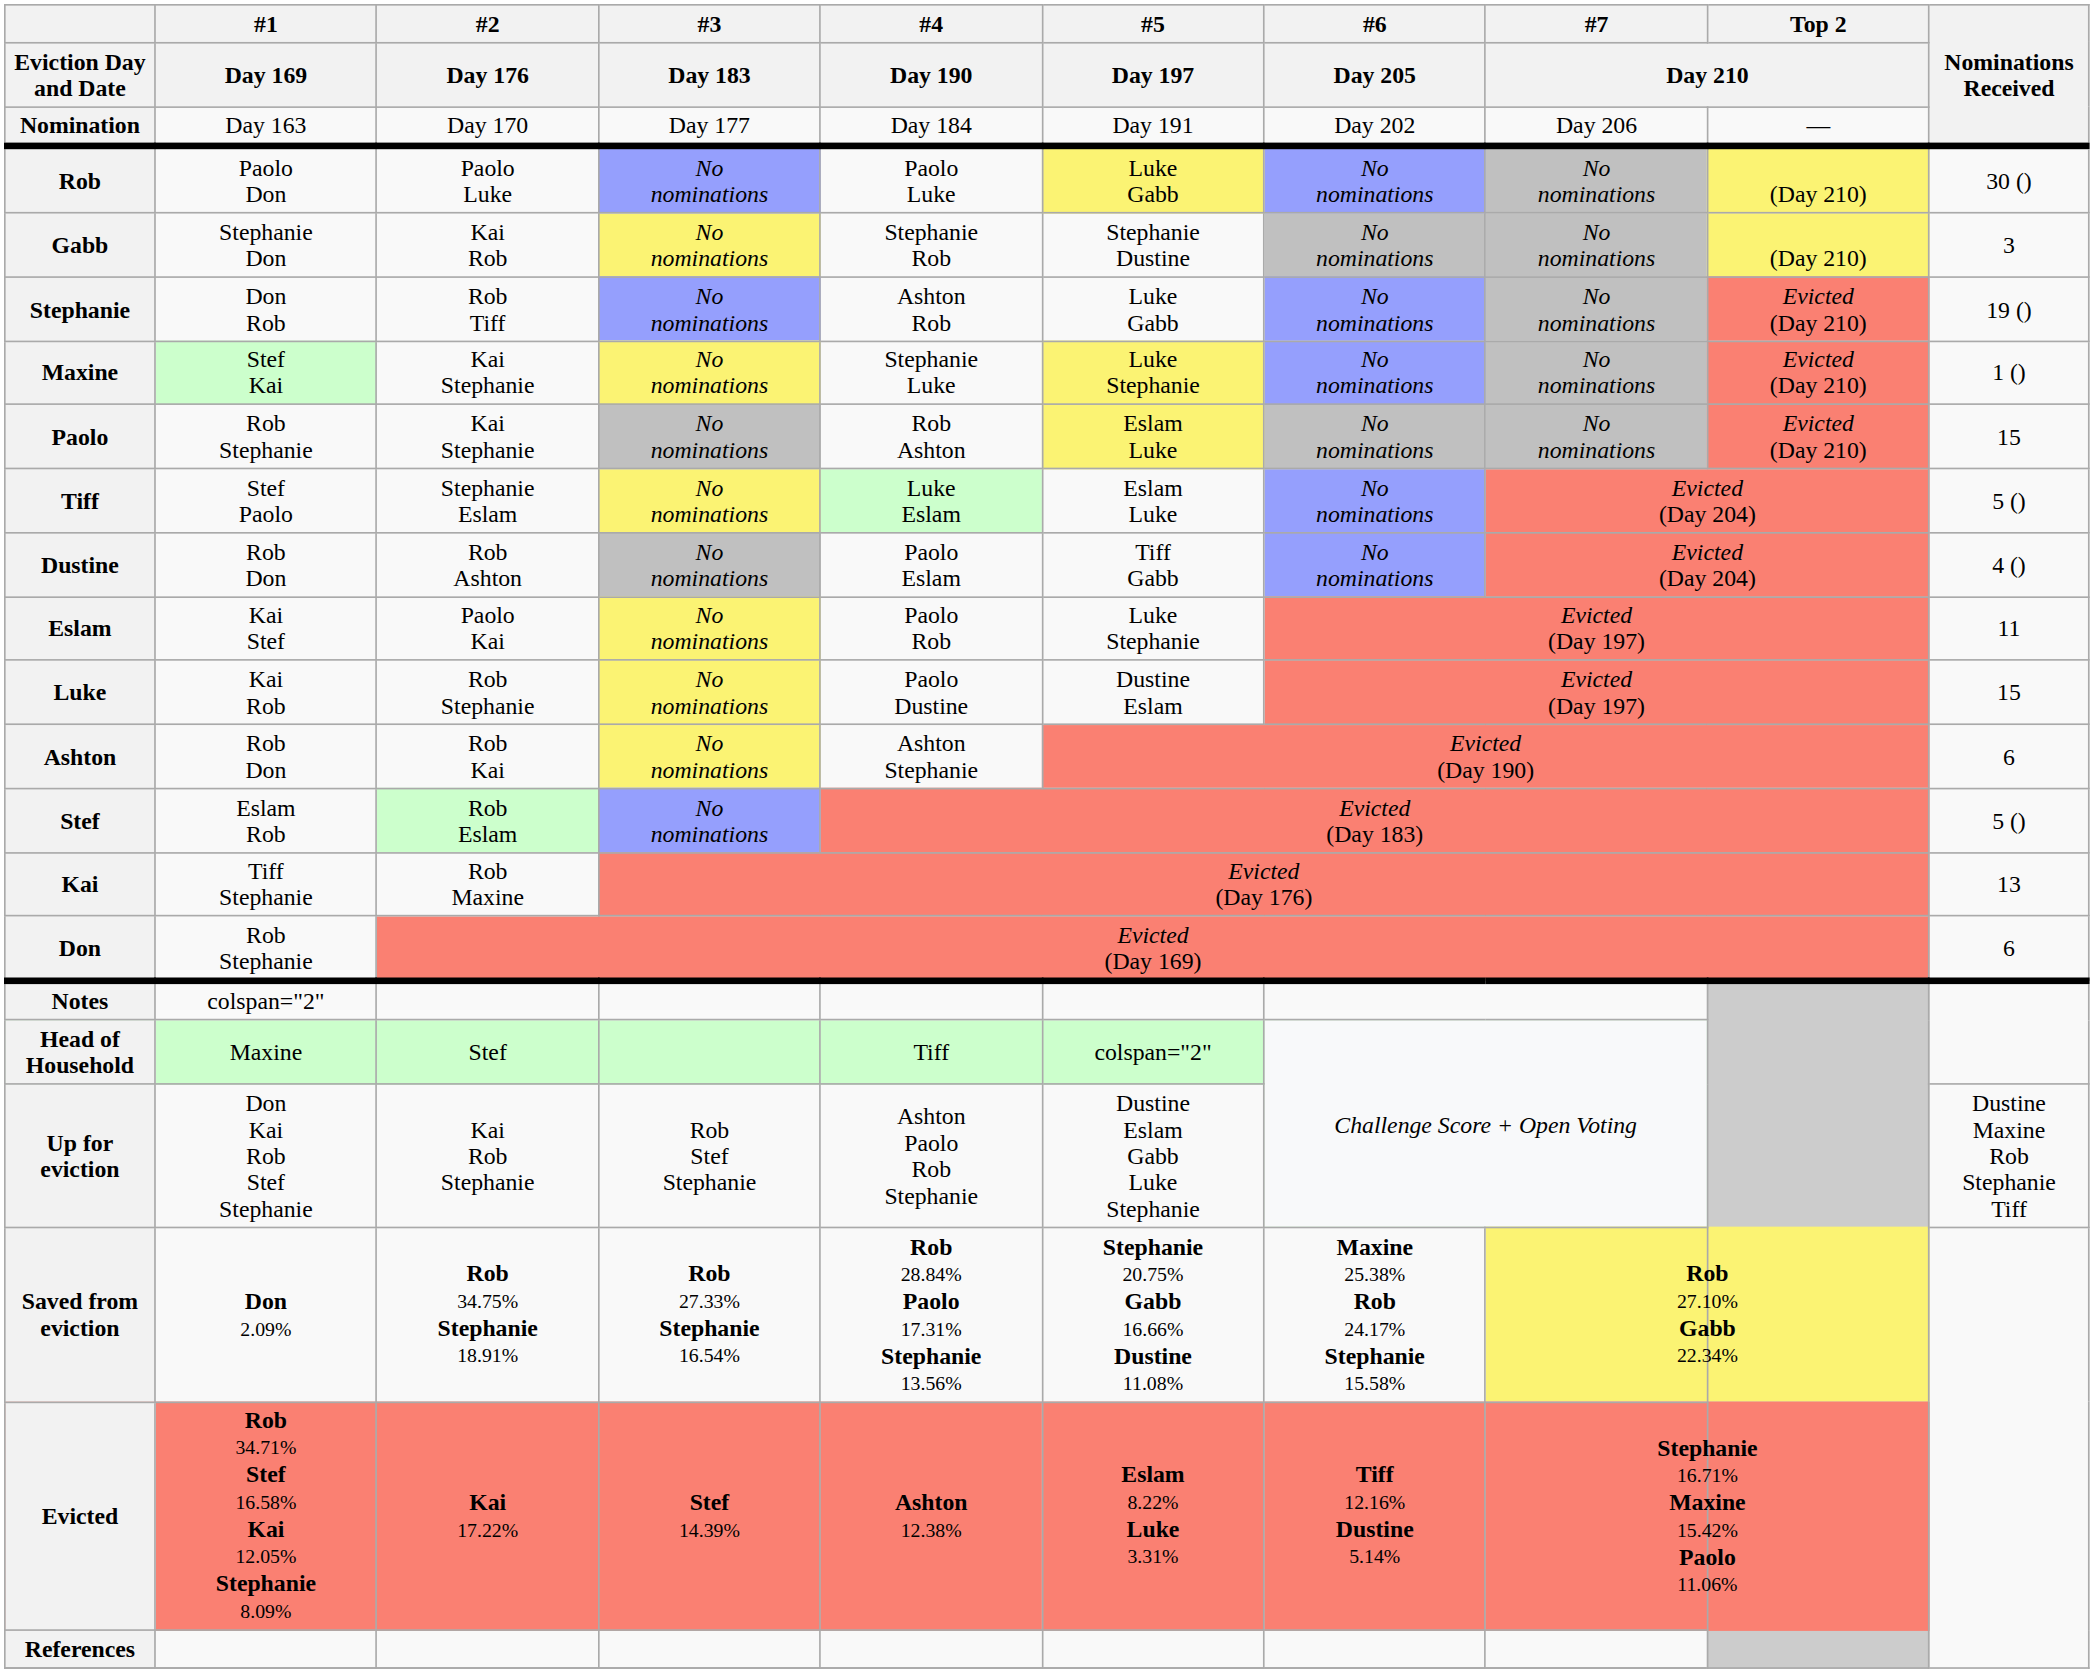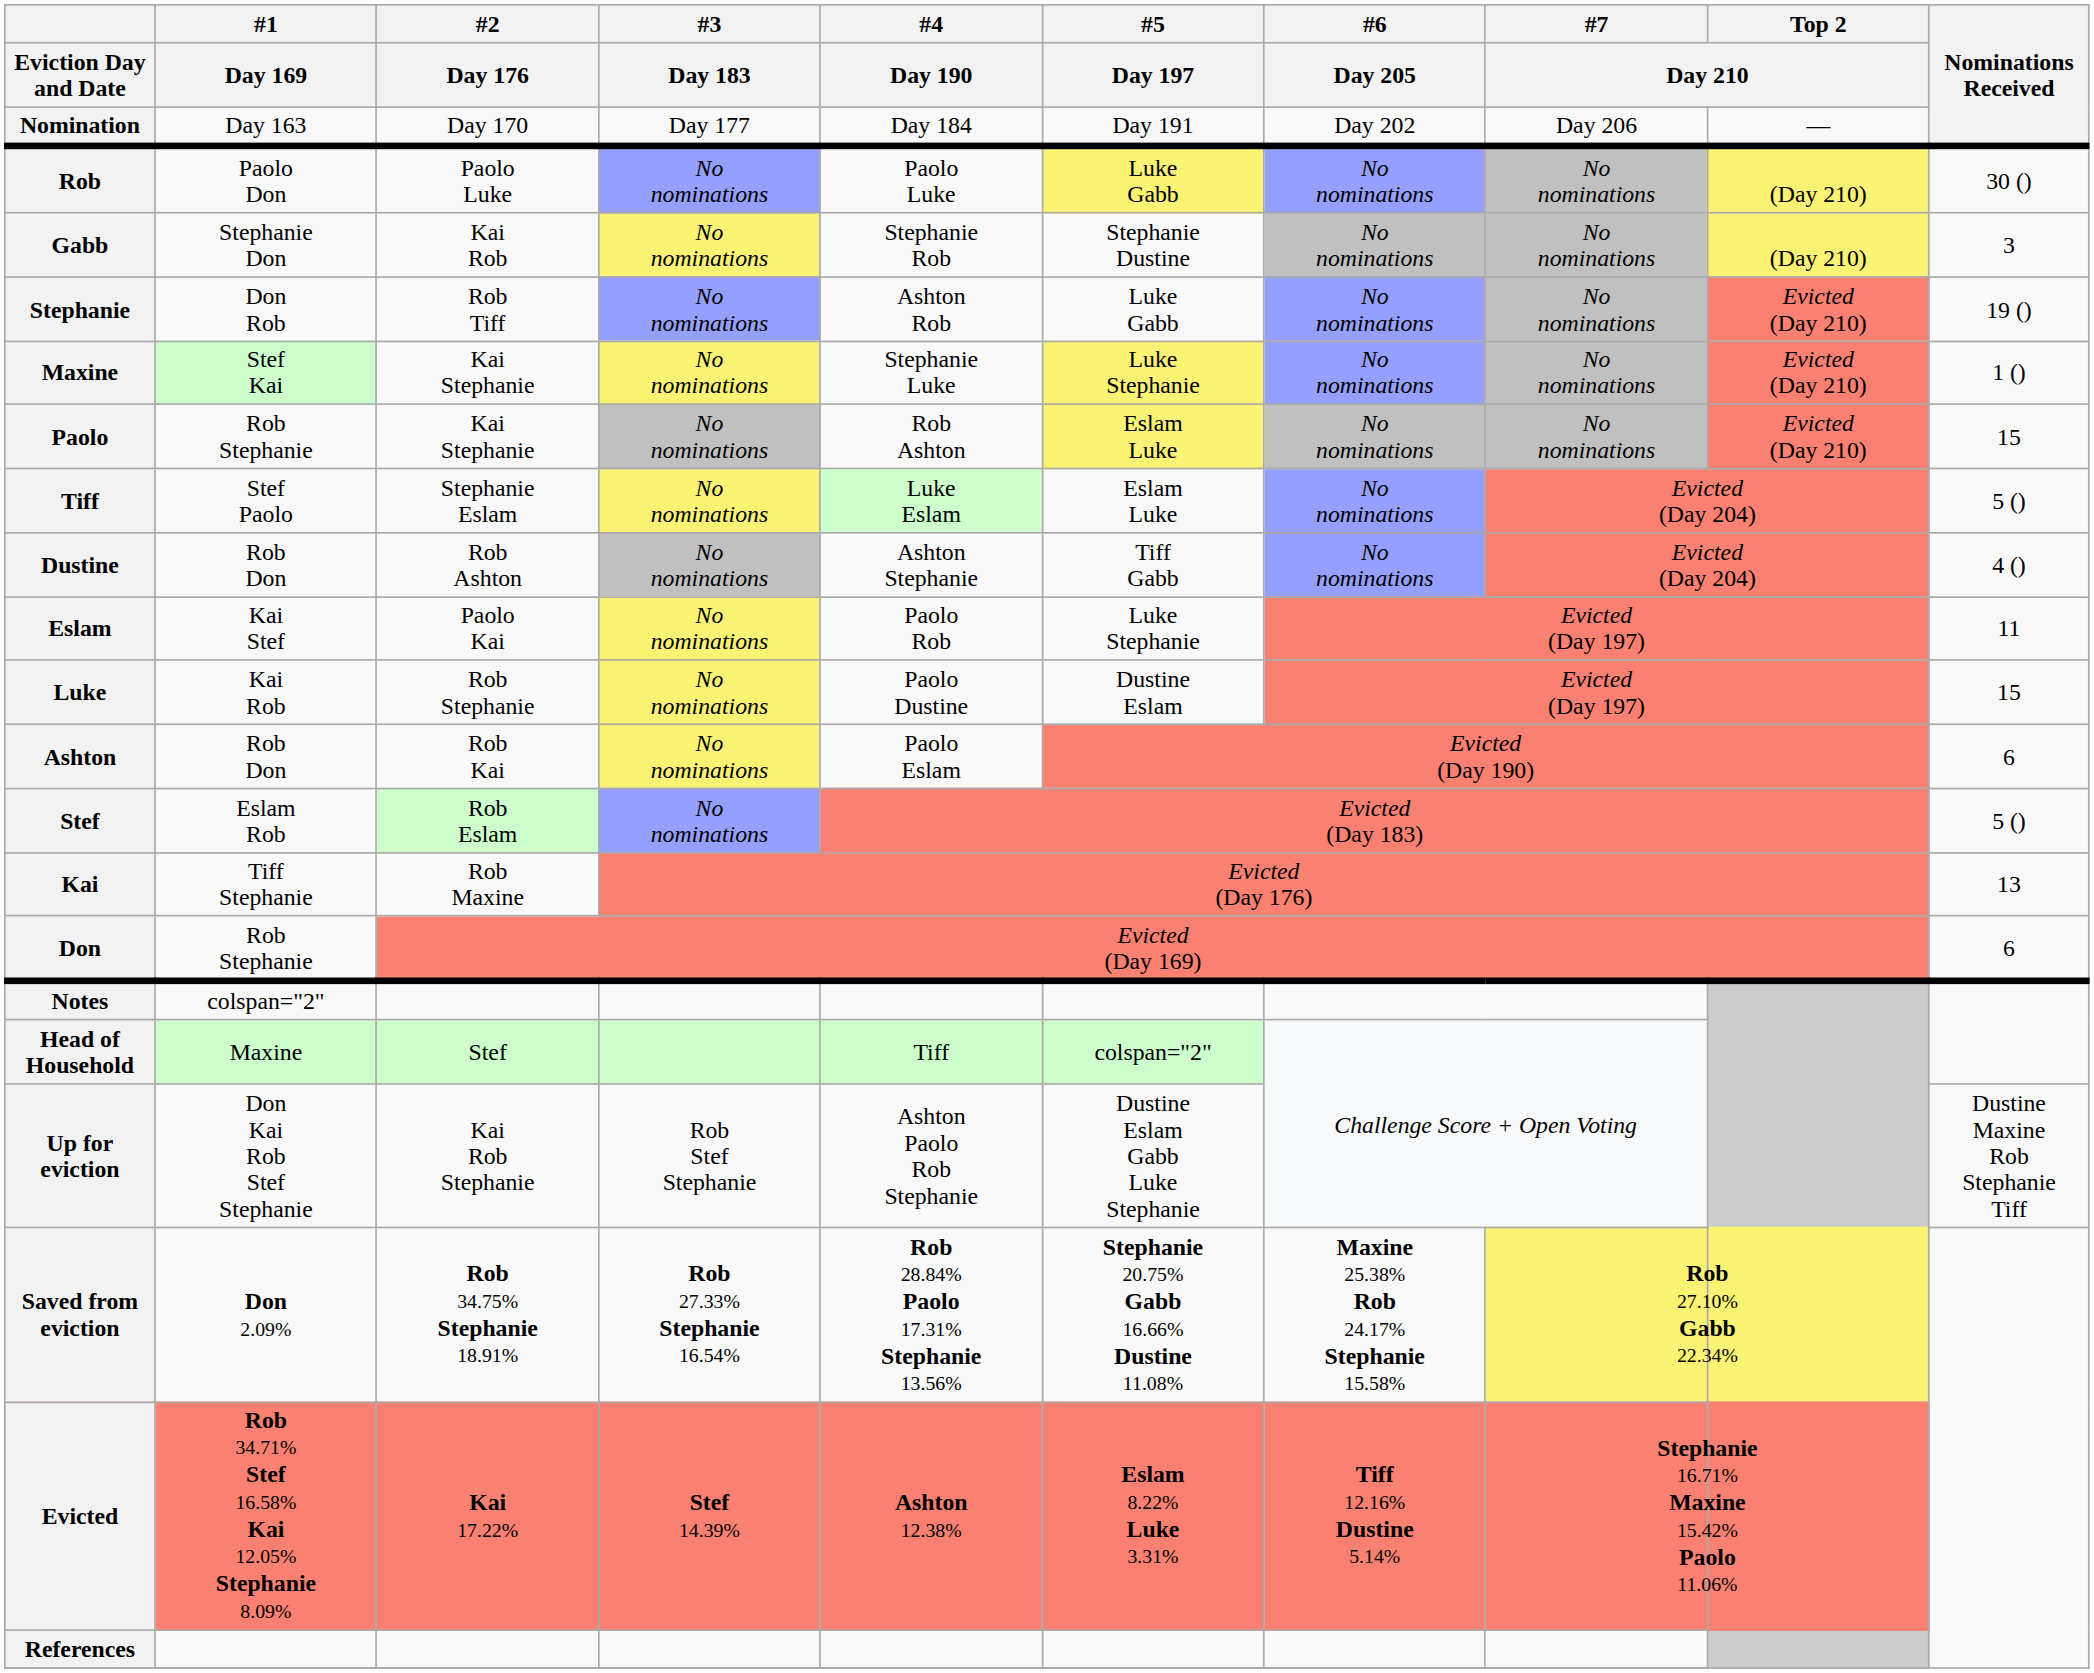 <table class="wikitable" style="width:100%; text-align:center; font-size:90%; line-height:16px;">
 <tr>
 <th width="5%"></th>
 <th width="9%">#1</th>
 <th width="9%">#2</th>
 <th width="9%">#3</th>
 <th width="9%">#4</th>
 <th width="9%">#5</th>
 <th width="9%">#6</th>
 <th width="9%">#7</th>
 <th width="9%">Top 2</th>
 <th width="5%" rowspan="3">Nominations<br>Received</th>
 </tr>
 <tr>
 <th>Eviction Day<br>and Date</th>
 <th>Day 169<br><small></small></th>
 <th>Day 176<br><small></small></th>
 <th>Day 183<br><small></small></th>
 <th>Day 190<br><small></small></th>
 <th>Day 197<br><small></small></th>
 <th>Day 205<br><small></small></th>
 <th colspan="2">Day 210<br><small></small></th>
 </tr>
 <tr>
 <th>Nomination<br></th>
 <td>Day 163<br><small></small></td>
 <td>Day 170<br><small></small></td>
 <td>Day 177<br><small></small></td>
 <td>Day 184<br><small></small></td>
 <td>Day 191<br><small></small></td>
 <td>Day 202<br><small></small></td>
 <td>Day 206<br><small></small></td>
 <td>—</td>
 </tr>
 <tr style="border-top: 4px solid;">
 <th>Rob</th>
 <td>Paolo<br>Don</td>
 <td>Paolo<br>Luke</td>
 <td style="background:#959FFD;"><em>No<br>nominations</em></td>
 <td>Paolo<br>Luke</td>
 <td style="background:#FBF373">Luke<br>Gabb</td>
 <td style="background:#959FFD;"><em>No<br>nominations</em></td>
 <td style="background:#C0C0C0;"><em>No<br>nominations</em></td>
 <td style="background:#FBF373"><strong></strong><br>(Day 210)</td>
 <td>30 ()</td>
 </tr>
 <tr>
 <th>Gabb</th>
 <td>Stephanie<br>Don</td>
 <td>Kai<br>Rob</td>
 <td style="background:#FBF373"><em>No<br>nominations</em></td>
 <td>Stephanie<br>Rob</td>
 <td>Stephanie<br>Dustine</td>
 <td style="background:#C0C0C0;"><em>No<br>nominations</em></td>
 <td style="background:#C0C0C0;"><em>No<br>nominations</em></td>
 <td style="background:#FBF373"><strong></strong><br>(Day 210)</td>
 <td>3</td>
 </tr>
 <tr>
 <th>Stephanie</th>
 <td>Don<br>Rob</td>
 <td>Rob<br>Tiff</td>
 <td style="background:#959FFD;"><em>No<br>nominations</em></td>
 <td>Ashton<br>Rob</td>
 <td>Luke<br>Gabb</td>
 <td style="background:#959FFD;"><em>No<br>nominations</em></td>
 <td style="background:#C0C0C0;"><em>No<br>nominations</em></td>
 <td style="background:#FA8072"><em>Evicted</em><br>(Day 210)</td>
 <td>19 ()</td>
 </tr>
 <tr>
 <th>Maxine</th>
 <td style="background:#CCFFCC;">Stef<br>Kai</td>
 <td>Kai<br>Stephanie</td>
 <td style="background:#FBF373"><em>No<br>nominations</em></td>
 <td>Stephanie<br>Luke</td>
 <td style="background:#FBF373">Luke<br>Stephanie</td>
 <td style="background:#959FFD;"><em>No<br>nominations</em></td>
 <td style="background:#C0C0C0;"><em>No<br>nominations</em></td>
 <td style="background:#FA8072"><em>Evicted</em><br>(Day 210)</td>
 <td>1 ()</td>
 </tr>
 <tr>
 <th>Paolo</th>
 <td>Rob<br>Stephanie</td>
 <td>Kai<br>Stephanie</td>
 <td style="background:#C0C0C0;"><em>No<br>nominations</em></td>
 <td>Rob<br>Ashton</td>
 <td style="background:#FBF373">Eslam<br>Luke</td>
 <td style="background:#C0C0C0;"><em>No<br>nominations</em></td>
 <td style="background:#C0C0C0;"><em>No<br>nominations</em></td>
 <td style="background:#FA8072"><em>Evicted</em><br>(Day 210)</td>
 <td>15</td>
 </tr>
 <tr>
 <th>Tiff</th>
 <td>Stef<br>Paolo</td>
 <td>Stephanie<br>Eslam</td>
 <td style="background:#FBF373"><em>No<br>nominations</em></td>
 <td style="background:#CCFFCC;">Luke<br>Eslam</td>
 <td>Eslam<br>Luke</td>
 <td style="background:#959FFD;"><em>No<br>nominations</em></td>
 <td colspan="2" style="background:#FA8072"><em>Evicted</em><br>(Day 204)</td>
 <td>5 ()</td>
 </tr>
 <tr>
 <th>Dustine</th>
 <td>Rob<br>Don</td>
 <td>Rob<br>Ashton</td>
 <td style="background:#C0C0C0;"><em>No<br>nominations</em></td>
-<td>Paolo<br>Eslam</td>
+<td>Ashton<br>Stephanie</td>
 <td>Tiff<br>Gabb</td>
 <td style="background:#959FFD;"><em>No<br>nominations</em></td>
 <td colspan="2" style="background:#FA8072"><em>Evicted</em><br>(Day 204)</td>
 <td>4 ()</td>
 </tr>
 <tr>
 <th>Eslam</th>
 <td>Kai<br>Stef</td>
 <td>Paolo<br>Kai</td>
 <td style="background:#FBF373"><em>No<br>nominations</em></td>
 <td>Paolo<br>Rob</td>
 <td>Luke<br>Stephanie</td>
 <td colspan="3" style="background:#FA8072"><em>Evicted</em><br>(Day 197)</td>
 <td>11</td>
 </tr>
 <tr>
 <th>Luke</th>
 <td>Kai<br>Rob</td>
 <td>Rob<br>Stephanie</td>
 <td style="background:#FBF373"><em>No<br>nominations</em></td>
 <td>Paolo<br>Dustine</td>
 <td>Dustine<br>Eslam</td>
 <td colspan="3" style="background:#FA8072"><em>Evicted</em><br>(Day 197)</td>
 <td>15</td>
 </tr>
 <tr>
 <th>Ashton</th>
 <td>Rob<br>Don</td>
 <td>Rob<br>Kai</td>
 <td style="background:#FBF373"><em>No<br>nominations</em></td>
-<td>Ashton<br>Stephanie</td>
+<td>Paolo<br>Eslam</td>
 <td colspan="4" style="background:#FA8072"><em>Evicted</em><br>(Day 190)</td>
 <td>6</td>
 </tr>
 <tr>
 <th>Stef</th>
 <td>Eslam<br>Rob</td>
 <td style="background:#CCFFCC;">Rob<br>Eslam</td>
 <td style="background:#959FFD;"><em>No<br>nominations</em></td>
 <td colspan="5" style="background:#FA8072"><em>Evicted</em><br>(Day 183)</td>
 <td>5 ()</td>
 </tr>
 <tr>
 <th>Kai</th>
 <td>Tiff<br>Stephanie</td>
 <td>Rob<br>Maxine</td>
 <td colspan="6" style="background:#FA8072"><em>Evicted</em><br>(Day 176)</td>
 <td>13</td>
 </tr>
 <tr>
 <th>Don</th>
 <td>Rob<br>Stephanie</td>
 <td colspan="7" style="background:#FA8072"><em>Evicted</em><br>(Day 169)</td>
 <td>6</td>
 </tr>
 <tr>
 </tr>
 <tr style="border-top: 4px solid;">
 <th>Notes</th>
 <td>colspan="2" </td>
 <td></td>
 <td></td>
 <td>   </td>
 <td> </td>
 <td colspan="2"> </td>
 <td rowspan="8" style="background:#CCCCCC"></td>
 </tr>
 <tr style="background:#CCFFCC;">
 <th>Head of<br>Household</th>
 <td>Maxine</td>
 <td>Stef</td>
 <td></td>
 <td>Tiff</td>
 <td>colspan="2" </td>
 <td colspan="2" rowspan="2" style="background:#F8F9FA"><em>Challenge Score + Open Voting</em></td>
 </tr>
 <tr>
 <th>Up for eviction</th>
 <td>Don<br>Kai<br>Rob<br>Stef<br>Stephanie</td>
 <td>Kai<br>Rob<br>Stephanie</td>
 <td>Rob<br>Stef<br>Stephanie</td>
 <td>Ashton<br>Paolo<br>Rob<br>Stephanie</td>
 <td>Dustine<br>Eslam<br>Gabb<br>Luke<br>Stephanie</td>
 <td>Dustine<br>Maxine<br>Rob<br>Stephanie<br>Tiff</td>
 </tr>
 <tr>
 <th>Saved from eviction</th>
 <td><strong>Don</strong><br><small>2.09%</small></td>
 <td><strong>Rob</strong><br><small>34.75%</small><br><strong>Stephanie</strong><br><small>18.91%</small></td>
 <td><strong>Rob</strong><br><small>27.33%</small><br><strong>Stephanie</strong><br><small>16.54%</small></td>
 <td><strong>Rob</strong><br><small>28.84%</small><br><strong>Paolo</strong><br><small>17.31%</small><br><strong>Stephanie</strong><br><small>13.56%</small></td>
 <td><strong>Stephanie</strong><br><small>20.75%</small><br><strong>Gabb</strong><br><small>16.66%</small><br><strong>Dustine</strong><br><small>11.08%</small></td>
 <td><strong>Maxine</strong><br><small>25.38%</small><br><strong>Rob</strong><br><small>24.17%</small><br><strong>Stephanie</strong><br><small>15.58%</small></td>
 <td colspan="2" style="background:#FBF373;"><strong>Rob</strong><br><small>27.10%</small><br><strong>Gabb</strong><br><small>22.34%</small></td>
 </tr>
 <tr style="background:#FA8072">
 <th>Evicted</th>
 <td><strong>Rob</strong><br><small>34.71%</small><br><strong>Stef</strong><br><small>16.58%</small><br><strong>Kai</strong><br><small>12.05%</small><br><strong>Stephanie</strong><br><small>8.09%</small></td>
 <td><strong>Kai</strong><br><small>17.22%</small></td>
 <td><strong>Stef</strong><br><small>14.39%</small></td>
 <td><strong>Ashton</strong><br><small>12.38%</small></td>
 <td><strong>Eslam</strong><br><small>8.22%</small><br><strong>Luke</strong><br><small>3.31%</small></td>
 <td><strong>Tiff</strong><br><small>12.16%</small><br><strong>Dustine</strong><br><small>5.14%</small></td>
 <td colspan="2"><strong>Stephanie</strong><br><small>16.71%</small><br><strong>Maxine</strong><br><small>15.42%</small><br><strong>Paolo</strong><br><small>11.06%</small></td>
 </tr>
 <tr>
 <th>References</th>
 <td></td>
 <td></td>
 <td></td>
 <td></td>
 <td></td>
 <td></td>
 <td colspan="2"></td>
 </tr>
 <tr>
 </tr>
 </table>
